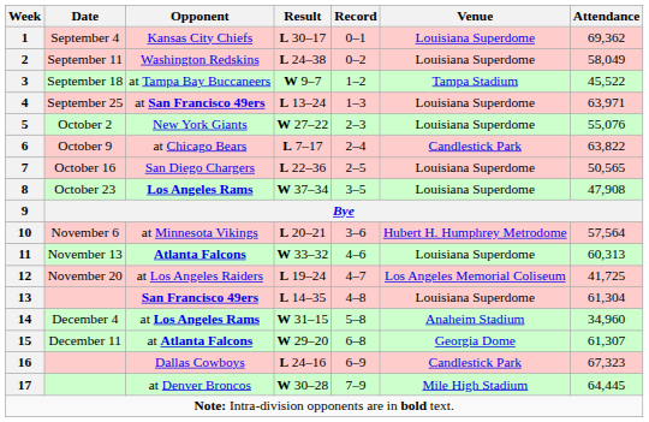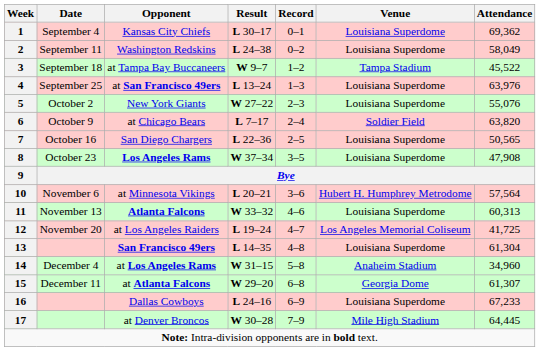 <table class="wikitable"  style="text-align: center;">
 <tr>
 <th>Week</th>
 <th>Date</th>
 <th>Opponent</th>
 <th>Result</th>
 <th>Record</th>
 <th>Venue</th>
 <th>Attendance</th>
 </tr>
 <tr style="background:#fcc">
 <th>1</th>
 <td>September 4</td>
 <td><a href='#'>Kansas City Chiefs</a></td>
 <td><strong>L</strong> 30–17</td>
 <td>0–1</td>
 <td><a href='#'>Louisiana Superdome</a></td>
 <td>69,362</td>
 </tr>
 <tr style="background:#fcc">
 <th>2</th>
 <td>September 11</td>
 <td><a href='#'>Washington Redskins</a></td>
 <td><strong>L</strong> 24–38</td>
 <td>0–2</td>
 <td>Louisiana Superdome</td>
 <td>58,049</td>
 </tr>
 <tr style="background:#cfc">
 <th>3</th>
 <td>September 18</td>
 <td>at <a href='#'>Tampa Bay Buccaneers</a></td>
 <td><strong>W</strong> 9–7</td>
 <td>1–2</td>
 <td><a href='#'>Tampa Stadium</a></td>
 <td>45,522</td>
 </tr>
 <tr style="background:#fcc">
 <th>4</th>
 <td>September 25</td>
 <td>at <strong><a href='#'>San Francisco 49ers</a></strong></td>
 <td><strong>L</strong> 13–24</td>
 <td>1–3</td>
 <td>Louisiana Superdome</td>
-<td>63,971</td>
+<td>63,976</td>
 </tr>
 <tr style="background:#cfc">
 <th>5</th>
 <td>October 2</td>
 <td><a href='#'>New York Giants</a></td>
 <td><strong>W</strong> 27–22</td>
 <td>2–3</td>
 <td>Louisiana Superdome</td>
 <td>55,076</td>
 </tr>
 <tr style="background:#fcc">
 <th>6</th>
 <td>October 9</td>
 <td>at <a href='#'>Chicago Bears</a></td>
 <td><strong>L</strong> 7–17</td>
 <td>2–4</td>
-<td><a href='#'>Candlestick Park</a></td>
-<td>63,822</td>
+<td><a href='#'>Soldier Field</a></td>
+<td>63,820</td>
 </tr>
 <tr style="background:#fcc">
 <th>7</th>
 <td>October 16</td>
 <td><a href='#'>San Diego Chargers</a></td>
 <td><strong>L</strong> 22–36</td>
 <td>2–5</td>
 <td>Louisiana Superdome</td>
 <td>50,565</td>
 </tr>
 <tr style="background:#cfc">
 <th>8</th>
 <td>October 23</td>
 <td><strong><a href='#'>Los Angeles Rams</a></strong></td>
 <td><strong>W</strong> 37–34</td>
 <td>3–5</td>
 <td>Louisiana Superdome</td>
 <td>47,908</td>
 </tr>
 <tr>
 <th>9</th>
 <th colspan="7"><em><a href='#'>Bye</a></em></th>
 </tr>
 <tr style="background:#fcc">
 <th>10</th>
 <td>November 6</td>
 <td>at <a href='#'>Minnesota Vikings</a></td>
 <td><strong>L</strong> 20–21</td>
 <td>3–6</td>
 <td><a href='#'>Hubert H. Humphrey Metrodome</a></td>
 <td>57,564</td>
 </tr>
 <tr style="background:#cfc">
 <th>11</th>
 <td>November 13</td>
 <td><strong><a href='#'>Atlanta Falcons</a></strong></td>
 <td><strong>W</strong> 33–32</td>
 <td>4–6</td>
 <td>Louisiana Superdome</td>
 <td>60,313</td>
 </tr>
 <tr style="background:#fcc">
 <th>12</th>
 <td>November 20</td>
 <td>at <a href='#'>Los Angeles Raiders</a></td>
 <td><strong>L</strong> 19–24</td>
 <td>4–7</td>
 <td><a href='#'>Los Angeles Memorial Coliseum</a></td>
 <td>41,725</td>
 </tr>
 <tr style="background:#fcc">
 <th>13</th>
 <td></td>
 <td><strong><a href='#'>San Francisco 49ers</a></strong></td>
 <td><strong>L</strong> 14–35</td>
 <td>4–8</td>
 <td>Louisiana Superdome</td>
 <td>61,304</td>
 </tr>
 <tr style="background:#cfc">
 <th>14</th>
 <td>December 4</td>
 <td>at <strong><a href='#'>Los Angeles Rams</a></strong></td>
 <td><strong>W</strong> 31–15</td>
 <td>5–8</td>
 <td><a href='#'>Anaheim Stadium</a></td>
 <td>34,960</td>
 </tr>
 <tr style="background:#cfc">
 <th>15</th>
 <td>December 11</td>
 <td>at <strong><a href='#'>Atlanta Falcons</a></strong></td>
 <td><strong>W</strong> 29–20</td>
 <td>6–8</td>
 <td><a href='#'>Georgia Dome</a></td>
 <td>61,307</td>
 </tr>
 <tr style="background:#fcc">
 <th>16</th>
 <td></td>
 <td><a href='#'>Dallas Cowboys</a></td>
 <td><strong>L</strong> 24–16</td>
 <td>6–9</td>
-<td><a href='#'>Candlestick Park</a></td>
-<td>67,323</td>
+<td>Louisiana Superdome</td>
+<td>67,233</td>
 </tr>
 <tr style="background:#cfc">
 <th>17</th>
 <td></td>
 <td>at <a href='#'>Denver Broncos</a></td>
 <td><strong>W</strong> 30–28</td>
 <td>7–9</td>
 <td><a href='#'>Mile High Stadium</a></td>
 <td>64,445</td>
 </tr>
 <tr>
 <td colspan="7"><strong>Note:</strong> Intra-division opponents are in <strong>bold</strong> text.</td>
 </tr>
 </table>
